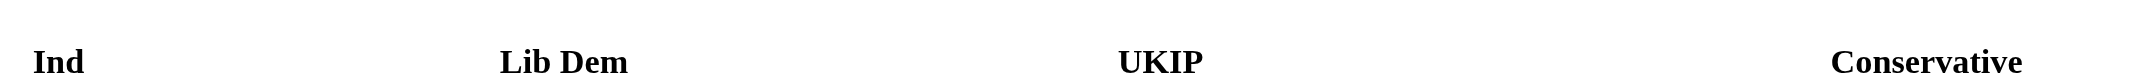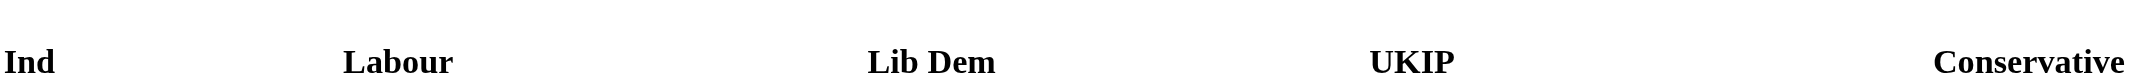 <table style="width:60%; text-align:center;">
 <tr style="color:white;">
 <td style="background:"><strong>13</strong></td>
+<td style="background:"><strong>10</strong></td>
 <td style="background:"><strong>2</strong></td>
 <td style="background:"><strong>2</strong></td>
 <td style="background:"><strong>24</strong></td>
 </tr>
 <tr>
 <td><span><strong>Ind</strong></span></td>
+<td><span><strong>Labour</strong></span></td>
 <td><span><strong>Lib Dem</strong></span></td>
 <td><span><strong>UKIP</strong></span></td>
 <td><span><strong>Conservative</strong></span></td>
 </tr>
 </table>
